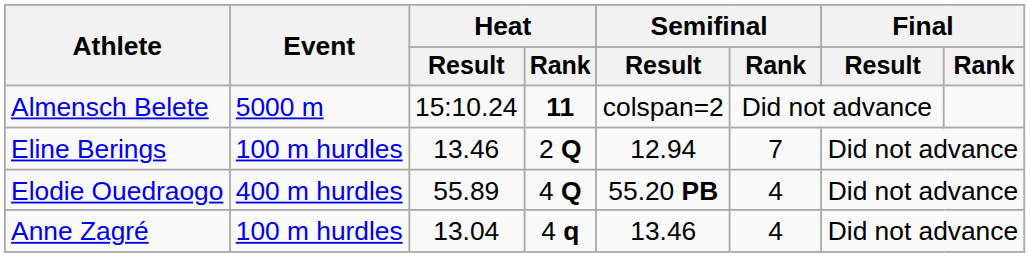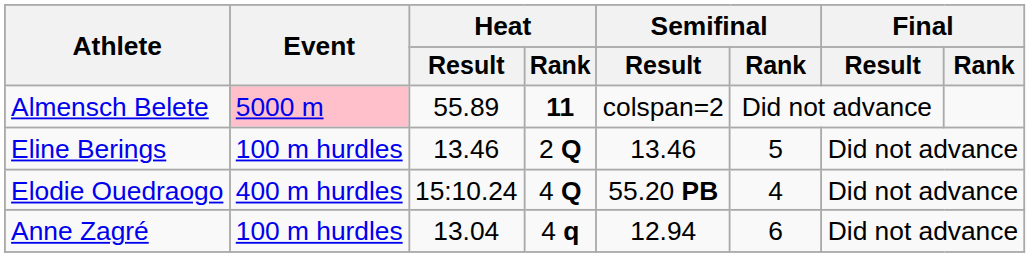 <table class="wikitable" style="font-size:90%">
 <tr>
 <th rowspan="2">Athlete</th>
 <th rowspan="2">Event</th>
 <th colspan="2">Heat</th>
 <th colspan="2">Semifinal</th>
 <th colspan="2">Final</th>
 </tr>
 <tr style="font-size:95%">
 <th>Result</th>
 <th>Rank</th>
 <th>Result</th>
 <th>Rank</th>
 <th>Result</th>
 <th>Rank</th>
 </tr>
 <tr align=center>
 <td align=left><a href='#'>Almensch Belete</a></td>
-<td align=left><a href='#'>5000 m</a></td>
-<td>15:10.24</td>
+<td align=left style="background: pink;"><a href='#'>5000 m</a></td>
+<td>55.89</td>
 <td><strong>11</strong></td>
 <td>colspan=2 </td>
 <td colspan=2>Did not advance</td>
 </tr>
 <tr align=center>
 <td align=left><a href='#'>Eline Berings</a></td>
 <td align=left><a href='#'>100 m hurdles</a></td>
 <td>13.46</td>
 <td>2 <strong>Q</strong></td>
-<td>12.94</td>
-<td>7</td>
+<td>13.46</td>
+<td>5</td>
 <td colspan=2>Did not advance</td>
 </tr>
 <tr align=center>
 <td align=left><a href='#'>Elodie Ouedraogo</a></td>
 <td align=left><a href='#'>400 m hurdles</a></td>
-<td>55.89</td>
+<td>15:10.24</td>
 <td>4 <strong>Q</strong></td>
 <td>55.20 <strong>PB</strong></td>
 <td>4</td>
 <td colspan=2>Did not advance</td>
 </tr>
 <tr align=center>
 <td align=left><a href='#'>Anne Zagré</a></td>
 <td align=left><a href='#'>100 m hurdles</a></td>
 <td>13.04</td>
 <td>4 <strong>q</strong></td>
-<td>13.46</td>
-<td>4</td>
+<td>12.94</td>
+<td>6</td>
 <td colspan=2>Did not advance</td>
 </tr>
 </table>
